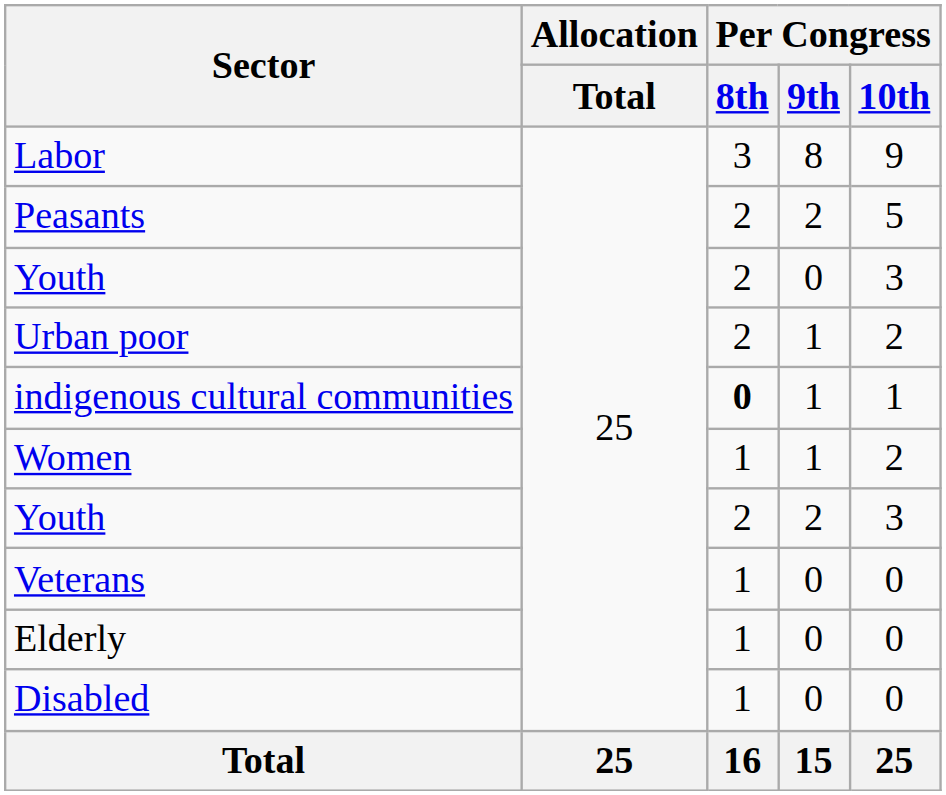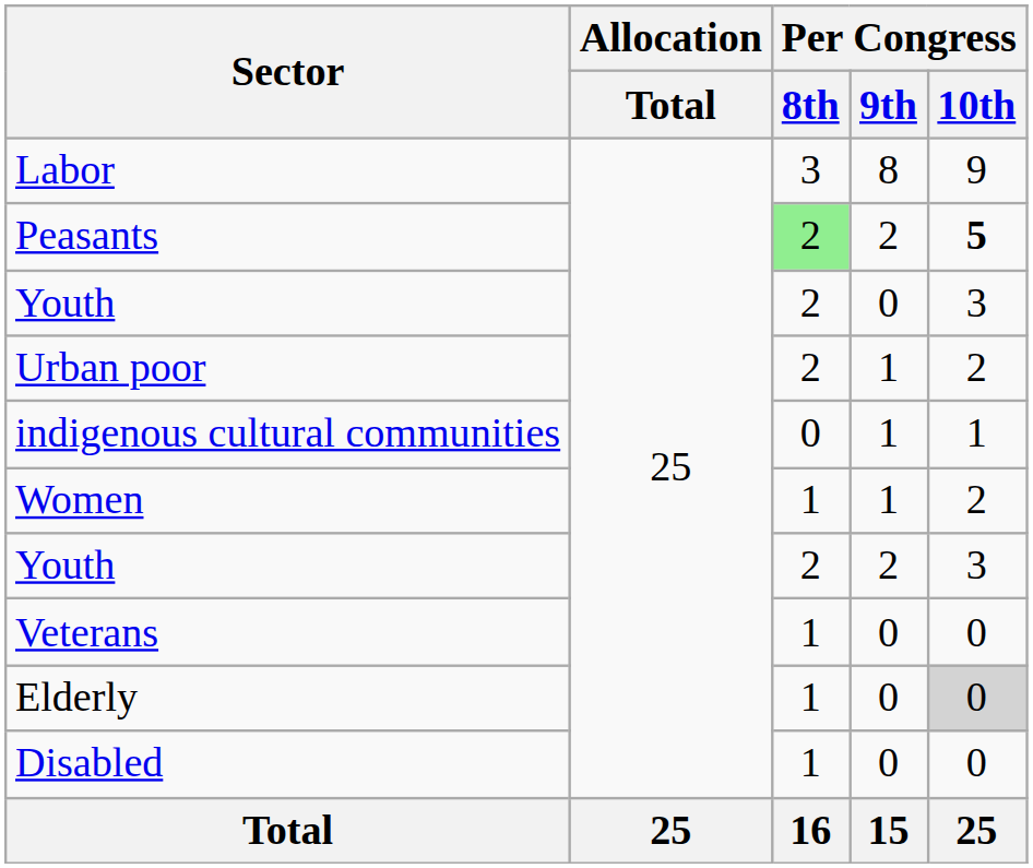 <table class="wikitable" style="text-align:center;">
 <tr>
 <th rowspan="2">Sector</th>
 <th>Allocation</th>
 <th colspan="3">Per Congress</th>
 </tr>
 <tr>
 <th>Total</th>
 <th><a href='#'>8th</a></th>
 <th><a href='#'>9th</a></th>
 <th><a href='#'>10th</a></th>
 </tr>
 <tr>
 <td align=left><a href='#'>Labor</a></td>
 <td rowspan="10">25</td>
 <td>3</td>
 <td>8</td>
 <td>9</td>
 </tr>
 <tr>
 <td align=left><a href='#'>Peasants</a></td>
+<td style="background: lightgreen;">2</td>
 <td>2</td>
-<td>2</td>
-<td>5</td>
+<td><strong>5</strong></td>
 </tr>
 <tr>
 <td align=left><a href='#'>Youth</a></td>
 <td>2</td>
 <td>0</td>
 <td>3</td>
 </tr>
 <tr>
 <td align=left><a href='#'>Urban poor</a></td>
 <td>2</td>
 <td>1</td>
 <td>2</td>
 </tr>
 <tr>
 <td align=left><a href='#'>indigenous cultural communities</a></td>
-<td><strong>0</strong></td>
+<td>0</td>
 <td>1</td>
 <td>1</td>
 </tr>
 <tr>
 <td align=left><a href='#'>Women</a></td>
 <td>1</td>
 <td>1</td>
 <td>2</td>
 </tr>
 <tr>
 <td align=left><a href='#'>Youth</a></td>
 <td>2</td>
 <td>2</td>
 <td>3</td>
 </tr>
 <tr>
 <td align=left><a href='#'>Veterans</a></td>
 <td>1</td>
 <td>0</td>
 <td>0</td>
 </tr>
 <tr>
 <td align=left>Elderly</td>
 <td>1</td>
 <td>0</td>
-<td>0</td>
+<td style="background: lightgrey;">0</td>
 </tr>
 <tr>
 <td align=left><a href='#'>Disabled</a></td>
 <td>1</td>
 <td>0</td>
 <td>0</td>
 </tr>
 <tr>
 <th>Total</th>
 <th>25</th>
 <th>16</th>
 <th>15</th>
 <th>25</th>
 </tr>
 </table>
